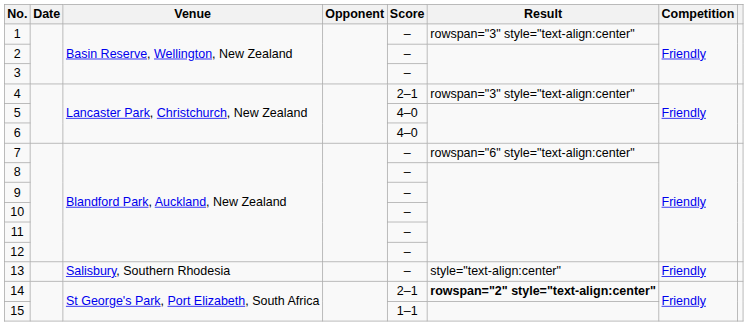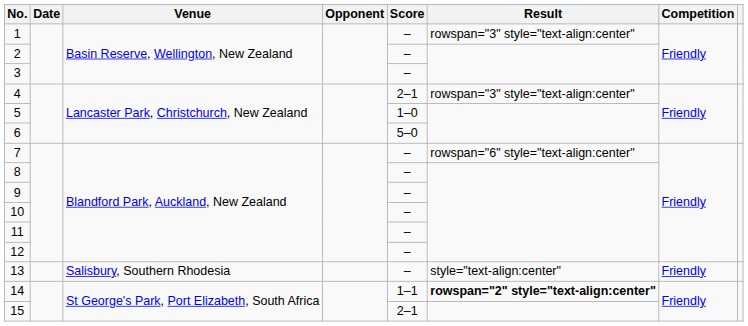 <table class="wikitable sortable">
 <tr>
 <th scope="col">No.</th>
 <th scope="col">Date</th>
 <th scope="col">Venue</th>
 <th scope="col">Opponent</th>
 <th scope="col">Score</th>
 <th scope="col">Result</th>
 <th scope="col">Competition</th>
 <th scope="col" class="unsortable"></th>
 </tr>
 <tr>
 <td style="text-align:center">1</td>
 <td rowspan="3"></td>
 <td rowspan="3"><a href='#'>Basin Reserve</a>, <a href='#'>Wellington</a>, New Zealand</td>
 <td rowspan="3"></td>
 <td style="text-align:center">–</td>
 <td>rowspan="3" style="text-align:center" </td>
 <td rowspan="3"><a href='#'>Friendly</a></td>
 <td rowspan="3"></td>
 </tr>
 <tr>
 <td style="text-align:center">2</td>
 <td style="text-align:center">–</td>
 </tr>
 <tr>
 <td style="text-align:center">3</td>
 <td style="text-align:center">–</td>
 </tr>
 <tr>
 <td style="text-align:center">4</td>
 <td rowspan="3"></td>
 <td rowspan="3"><a href='#'>Lancaster Park</a>, <a href='#'>Christchurch</a>, New Zealand</td>
 <td rowspan="3"></td>
 <td style="text-align:center">2–1</td>
 <td>rowspan="3" style="text-align:center" </td>
 <td rowspan="3"><a href='#'>Friendly</a></td>
 <td rowspan="3"></td>
 </tr>
 <tr>
 <td style="text-align:center">5</td>
-<td style="text-align:center">4–0</td>
+<td style="text-align:center">1–0</td>
 </tr>
 <tr>
 <td style="text-align:center">6</td>
-<td style="text-align:center">4–0</td>
+<td style="text-align:center">5–0</td>
 </tr>
 <tr>
 <td style="text-align:center">7</td>
 <td rowspan="6"></td>
 <td rowspan="6"><a href='#'>Blandford Park</a>, <a href='#'>Auckland</a>, New Zealand</td>
 <td rowspan="6"></td>
 <td style="text-align:center">–</td>
 <td>rowspan="6" style="text-align:center" </td>
 <td rowspan="6"><a href='#'>Friendly</a></td>
 <td rowspan="6"></td>
 </tr>
 <tr>
 <td style="text-align:center">8</td>
 <td style="text-align:center">–</td>
 </tr>
 <tr>
 <td style="text-align:center">9</td>
 <td style="text-align:center">–</td>
 </tr>
 <tr>
 <td style="text-align:center">10</td>
 <td style="text-align:center">–</td>
 </tr>
 <tr>
 <td style="text-align:center">11</td>
 <td style="text-align:center">–</td>
 </tr>
 <tr>
 <td style="text-align:center">12</td>
 <td style="text-align:center">–</td>
 </tr>
 <tr>
 <td style="text-align:center">13</td>
 <td></td>
 <td><a href='#'>Salisbury</a>, Southern Rhodesia</td>
 <td></td>
 <td style="text-align:center">–</td>
 <td>style="text-align:center" </td>
 <td><a href='#'>Friendly</a></td>
 <td></td>
 </tr>
 <tr>
 <td style="text-align:center">14</td>
 <td rowspan="2"></td>
 <td rowspan="2"><a href='#'>St George's Park</a>, <a href='#'>Port Elizabeth</a>, South Africa</td>
 <td rowspan="2"></td>
-<td style="text-align:center">2–1</td>
+<td style="text-align:center">1–1</td>
 <td><strong>rowspan="2" style="text-align:center" </strong></td>
 <td rowspan="2"><a href='#'>Friendly</a></td>
 <td rowspan="2"></td>
 </tr>
 <tr>
 <td style="text-align:center">15</td>
-<td style="text-align:center">1–1</td>
+<td style="text-align:center">2–1</td>
 </tr>
 </table>
